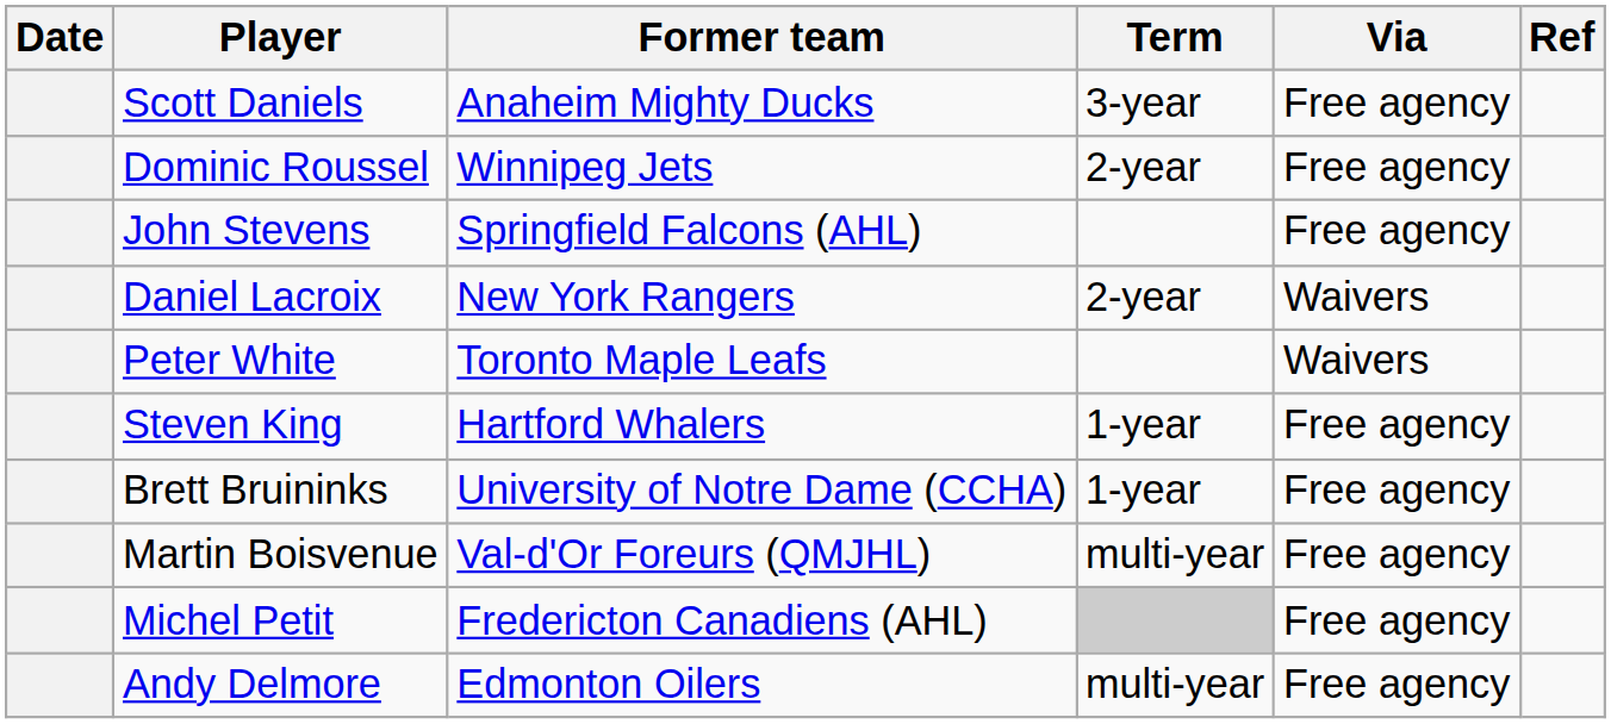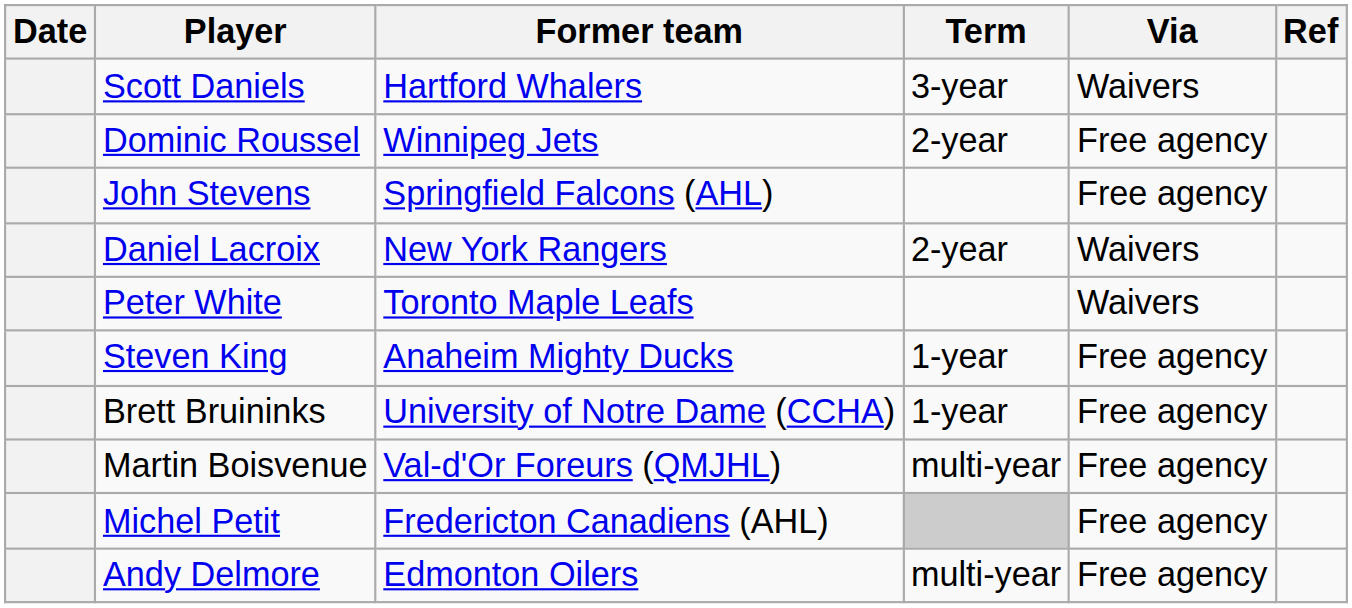 <table class="wikitable plainrowheaders">
 <tr style="background:#ddd; text-align:center;">
 <th>Date</th>
 <th>Player</th>
 <th>Former team</th>
 <th>Term</th>
 <th>Via</th>
 <th>Ref</th>
 </tr>
 <tr>
 <th scope="row"></th>
 <td><a href='#'>Scott Daniels</a></td>
-<td><a href='#'>Anaheim Mighty Ducks</a></td>
+<td><a href='#'>Hartford Whalers</a></td>
 <td>3-year</td>
-<td>Free agency</td>
+<td>Waivers</td>
 <td></td>
 </tr>
 <tr>
 <th scope="row"></th>
 <td><a href='#'>Dominic Roussel</a></td>
 <td><a href='#'>Winnipeg Jets</a></td>
 <td>2-year</td>
 <td>Free agency</td>
 <td></td>
 </tr>
 <tr>
 <th scope="row"></th>
 <td><a href='#'>John Stevens</a></td>
 <td><a href='#'>Springfield Falcons</a> (<a href='#'>AHL</a>)</td>
 <td></td>
 <td>Free agency</td>
 <td></td>
 </tr>
 <tr>
 <th scope="row"></th>
 <td><a href='#'>Daniel Lacroix</a></td>
 <td><a href='#'>New York Rangers</a></td>
 <td>2-year</td>
 <td>Waivers</td>
 <td></td>
 </tr>
 <tr>
 <th scope="row"></th>
 <td><a href='#'>Peter White</a></td>
 <td><a href='#'>Toronto Maple Leafs</a></td>
 <td></td>
 <td>Waivers</td>
 <td></td>
 </tr>
 <tr>
 <th scope="row"></th>
 <td><a href='#'>Steven King</a></td>
-<td><a href='#'>Hartford Whalers</a></td>
+<td><a href='#'>Anaheim Mighty Ducks</a></td>
 <td>1-year</td>
 <td>Free agency</td>
 <td></td>
 </tr>
 <tr>
 <th scope="row"></th>
 <td>Brett Bruininks</td>
 <td><a href='#'>University of Notre Dame</a> (<a href='#'>CCHA</a>)</td>
 <td>1-year</td>
 <td>Free agency</td>
 <td></td>
 </tr>
 <tr>
 <th scope="row"></th>
 <td>Martin Boisvenue</td>
 <td><a href='#'>Val-d'Or Foreurs</a> (<a href='#'>QMJHL</a>)</td>
 <td>multi-year</td>
 <td>Free agency</td>
 <td></td>
 </tr>
 <tr>
 <th scope="row"></th>
 <td><a href='#'>Michel Petit</a></td>
 <td><a href='#'>Fredericton Canadiens</a> (AHL)</td>
 <td style="background:#ccc"></td>
 <td>Free agency</td>
 <td></td>
 </tr>
 <tr>
 <th scope="row"></th>
 <td><a href='#'>Andy Delmore</a></td>
 <td><a href='#'>Edmonton Oilers</a></td>
 <td>multi-year</td>
 <td>Free agency</td>
 <td></td>
 </tr>
 </table>
